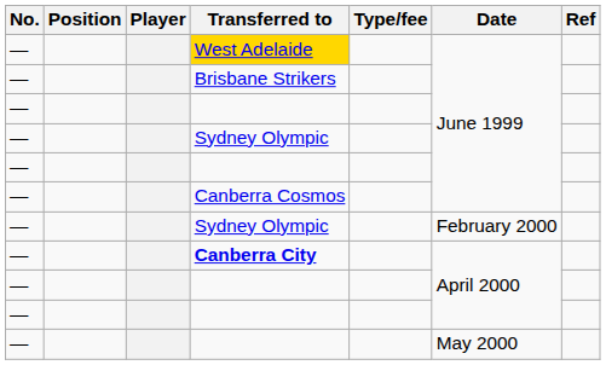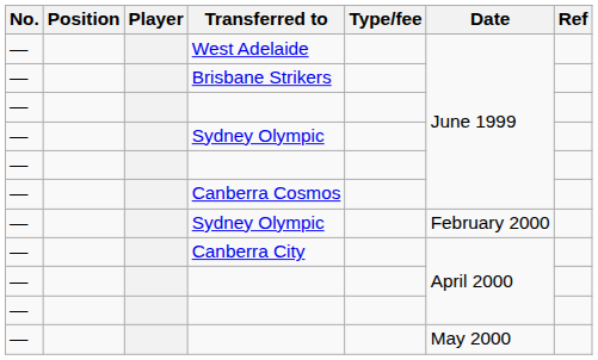 <table class="wikitable plainrowheaders sortable" style="text-align:center; text-align:left">
 <tr>
 <th scope="col">No.</th>
 <th scope="col">Position</th>
 <th scope="col">Player</th>
 <th scope="col">Transferred to</th>
 <th scope="col">Type/fee</th>
 <th scope="col">Date</th>
 <th scope="col" class="unsortable">Ref</th>
 </tr>
 <tr>
 <td>—</td>
 <td></td>
 <th scope="row"></th>
-<td style="background: gold;"><a href='#'>West Adelaide</a></td>
+<td><a href='#'>West Adelaide</a></td>
 <td></td>
 <td rowspan="6">June 1999</td>
 <td></td>
 </tr>
 <tr>
 <td>—</td>
 <td></td>
 <th scope="row"></th>
 <td><a href='#'>Brisbane Strikers</a></td>
 <td></td>
 <td></td>
 </tr>
 <tr>
 <td>—</td>
 <td></td>
 <th scope="row"></th>
 <td></td>
 <td></td>
 <td></td>
 </tr>
 <tr>
 <td>—</td>
 <td></td>
 <th scope="row"></th>
 <td><a href='#'>Sydney Olympic</a></td>
 <td></td>
 <td></td>
 </tr>
 <tr>
 <td>—</td>
 <td></td>
 <th scope="row"></th>
 <td></td>
 <td></td>
 <td></td>
 </tr>
 <tr>
 <td>—</td>
 <td></td>
 <th scope="row"></th>
 <td><a href='#'>Canberra Cosmos</a></td>
 <td></td>
 <td></td>
 </tr>
 <tr>
 <td>—</td>
 <td></td>
 <th scope="row"></th>
 <td><a href='#'>Sydney Olympic</a></td>
 <td></td>
 <td>February 2000</td>
 <td></td>
 </tr>
 <tr>
 <td>—</td>
 <td></td>
 <th scope="row"></th>
-<td><strong><a href='#'>Canberra City</a></strong></td>
+<td><a href='#'>Canberra City</a></td>
 <td></td>
 <td rowspan="3">April 2000</td>
 <td></td>
 </tr>
 <tr>
 <td>—</td>
 <td></td>
 <th scope="row"></th>
 <td></td>
 <td></td>
 <td></td>
 </tr>
 <tr>
 <td>—</td>
 <td></td>
 <th scope="row"></th>
 <td></td>
 <td></td>
 <td></td>
 </tr>
 <tr>
 <td>—</td>
 <td></td>
 <th scope="row"></th>
 <td></td>
 <td></td>
 <td>May 2000</td>
 <td></td>
 </tr>
 </table>
